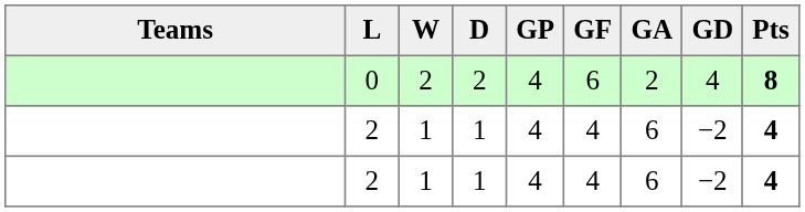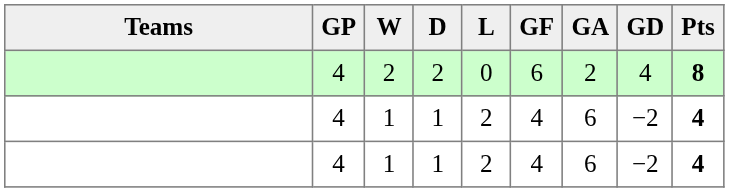 <table style=border-collapse:collapse border=1 cellspacing=0 cellpadding=5>
 <tr align=center bgcolor=#efefef>
 <th width=185>Teams</th>
-<th width=20>L</th>
+<th width=20>GP</th>
 <th width=20>W</th>
 <th width=20>D</th>
-<th width=20>GP</th>
+<th width=20>L</th>
 <th width=20>GF</th>
 <th width=20>GA</th>
 <th width=20>GD</th>
 <th width=20>Pts</th>
 </tr>
 <tr align=center style="background:#ccffcc;">
 <td style="text-align:left;"></td>
-<td>0</td>
+<td>4</td>
 <td>2</td>
 <td>2</td>
-<td>4</td>
+<td>0</td>
 <td>6</td>
 <td>2</td>
 <td>4</td>
 <td><strong>8</strong></td>
 </tr>
 <tr align=center>
 <td style="text-align:left;"></td>
-<td>2</td>
+<td>4</td>
 <td>1</td>
 <td>1</td>
-<td>4</td>
+<td>2</td>
 <td>4</td>
 <td>6</td>
 <td>−2</td>
 <td><strong>4</strong></td>
 </tr>
 <tr align=center>
 <td style="text-align:left;"></td>
-<td>2</td>
+<td>4</td>
 <td>1</td>
 <td>1</td>
-<td>4</td>
+<td>2</td>
 <td>4</td>
 <td>6</td>
 <td>−2</td>
 <td><strong>4</strong></td>
 </tr>
 </table>
